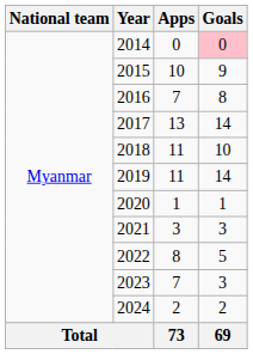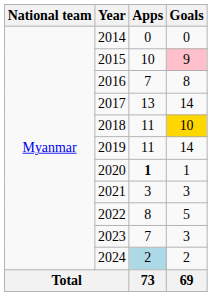 <table class="wikitable" style="text-align:center">
 <tr>
 <th>National team</th>
 <th>Year</th>
 <th>Apps</th>
 <th>Goals</th>
 </tr>
 <tr>
 <td rowspan=11><a href='#'>Myanmar</a></td>
 <td>2014</td>
 <td>0</td>
-<td style="background: pink;">0</td>
+<td>0</td>
 </tr>
 <tr>
 <td>2015</td>
 <td>10</td>
-<td>9</td>
+<td style="background: pink;">9</td>
 </tr>
 <tr>
 <td>2016</td>
 <td>7</td>
 <td>8</td>
 </tr>
 <tr>
 <td>2017</td>
 <td>13</td>
 <td>14</td>
 </tr>
 <tr>
 <td>2018</td>
 <td>11</td>
-<td>10</td>
+<td style="background: gold;">10</td>
 </tr>
 <tr>
 <td>2019</td>
 <td>11</td>
 <td>14</td>
 </tr>
 <tr>
 <td>2020</td>
-<td>1</td>
+<td><strong>1</strong></td>
 <td>1</td>
 </tr>
 <tr>
 <td>2021</td>
 <td>3</td>
 <td>3</td>
 </tr>
 <tr>
 <td>2022</td>
 <td>8</td>
 <td>5</td>
 </tr>
 <tr>
 <td>2023</td>
 <td>7</td>
 <td>3</td>
 </tr>
 <tr>
 <td>2024</td>
-<td>2</td>
+<td style="background: lightblue;">2</td>
 <td>2</td>
 </tr>
 <tr>
 <th colspan=2>Total</th>
 <th>73</th>
 <th>69</th>
 </tr>
 </table>
